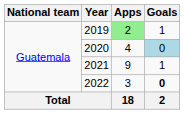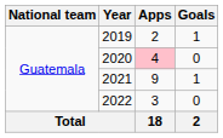 <table class="wikitable" style="text-align:center">
 <tr>
 <th>National team</th>
 <th>Year</th>
 <th>Apps</th>
 <th>Goals</th>
 </tr>
 <tr>
 <td rowspan=4><a href='#'>Guatemala</a></td>
 <td>2019</td>
-<td style="background: lightgreen;">2</td>
+<td>2</td>
 <td>1</td>
 </tr>
 <tr>
 <td>2020</td>
-<td>4</td>
-<td style="background: lightblue;">0</td>
+<td style="background: pink;">4</td>
+<td>0</td>
 </tr>
 <tr>
 <td>2021</td>
 <td>9</td>
 <td>1</td>
 </tr>
 <tr>
 <td>2022</td>
 <td>3</td>
-<td><strong>0</strong></td>
+<td>0</td>
 </tr>
 <tr>
 <th colspan=2>Total</th>
 <th>18</th>
 <th>2</th>
 </tr>
 </table>
